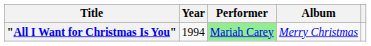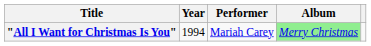 <table class="wikitable plainrowheaders sortable" style="margin-right: 0;">
 <tr>
 <th scope="col">Title</th>
 <th scope="col">Year</th>
 <th scope="col">Performer</th>
 <th scope="col">Album</th>
 <th scope="col" class="unsortable"></th>
 </tr>
 <tr>
 <th scope="row">"<a href='#'>All I Want for Christmas Is You</a>"</th>
 <td>1994</td>
-<td style="background: lightgreen;"><a href='#'>Mariah Carey</a></td>
-<td><em><a href='#'>Merry Christmas</a></em></td>
+<td><a href='#'>Mariah Carey</a></td>
+<td style="background: lightgreen;"><em><a href='#'>Merry Christmas</a></em></td>
 <td></td>
 </tr>
 </table>
